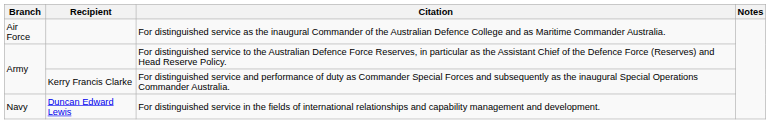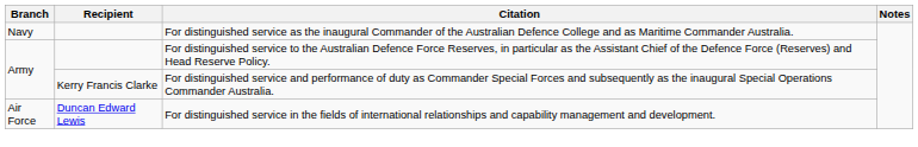 <table class="wikitable" style="font-size:95%;">
 <tr>
 <th>Branch</th>
 <th>Recipient</th>
 <th>Citation</th>
 <th>Notes</th>
 </tr>
 <tr>
-<td>Air Force</td>
+<td>Navy</td>
 <td></td>
 <td>For distinguished service as the inaugural Commander of the Australian Defence College and as Maritime Commander Australia.</td>
 <td rowspan=4></td>
 </tr>
 <tr>
 <td rowspan=2>Army</td>
 <td></td>
 <td>For distinguished service to the Australian Defence Force Reserves, in particular as the Assistant Chief of the Defence Force (Reserves) and Head Reserve Policy.</td>
 </tr>
 <tr>
 <td> Kerry Francis Clarke </td>
 <td>For distinguished service and performance of duty as Commander Special Forces and subsequently as the inaugural Special Operations Commander Australia.</td>
 </tr>
 <tr>
-<td>Navy</td>
+<td>Air Force</td>
 <td> <a href='#'>Duncan Edward Lewis</a> </td>
 <td>For distinguished service in the fields of international relationships and capability management and development.</td>
 </tr>
 </table>
